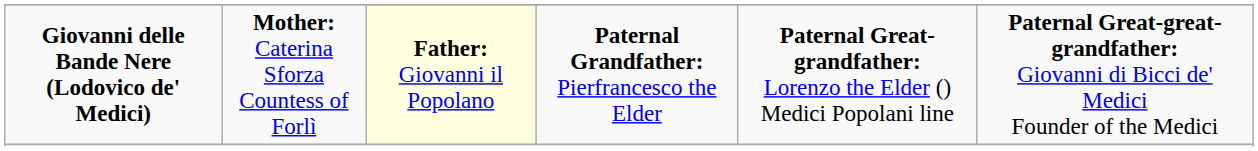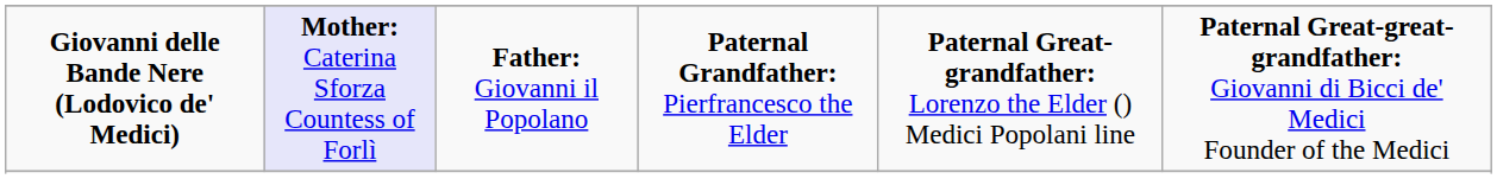 <table class="wikitable">
 <tr>
 </tr>
 <tr>
 <td align="center"><strong>Giovanni delle Bande Nere<br>(Lodovico de' Medici)</strong></td>
-<td align="center"><strong>Mother:</strong><br><a href='#'>Caterina Sforza<br>Countess of Forlì</a></td>
-<td align="center" style="background: lightyellow;"><strong>Father:</strong><br><a href='#'>Giovanni il Popolano</a></td>
+<td align="center" style="background: lavender;"><strong>Mother:</strong><br><a href='#'>Caterina Sforza<br>Countess of Forlì</a></td>
+<td align="center"><strong>Father:</strong><br><a href='#'>Giovanni il Popolano</a></td>
 <td align="center"><strong>Paternal Grandfather:</strong><br><a href='#'>Pierfrancesco the Elder</a></td>
 <td align="center"><strong>Paternal Great-grandfather:</strong><br><a href='#'>Lorenzo the Elder</a> ()<br>Medici Popolani line</td>
 <td align="center"><strong>Paternal Great-great-grandfather:</strong><br><a href='#'>Giovanni di Bicci de' Medici</a><br>Founder of the Medici</td>
 </tr>
 <tr>
 </tr>
 <tr>
 </tr>
 </table>
